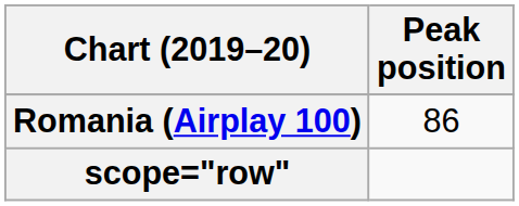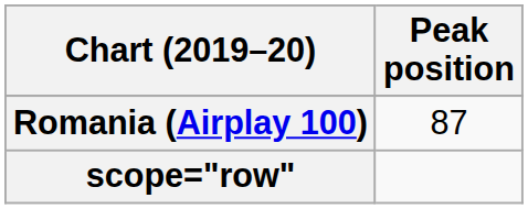 <table class="wikitable sortable plainrowheaders" style="text-align:center">
 <tr>
 <th scope="col">Chart (2019–20)</th>
 <th scope="col">Peak<br>position</th>
 </tr>
 <tr>
 </tr>
 <tr>
 </tr>
 <tr>
 <th scope="row">Romania (<a href='#'>Airplay 100</a>)</th>
-<td>86</td>
+<td>87</td>
 </tr>
 <tr>
 <th>scope="row" </th>
 </tr>
 </table>
